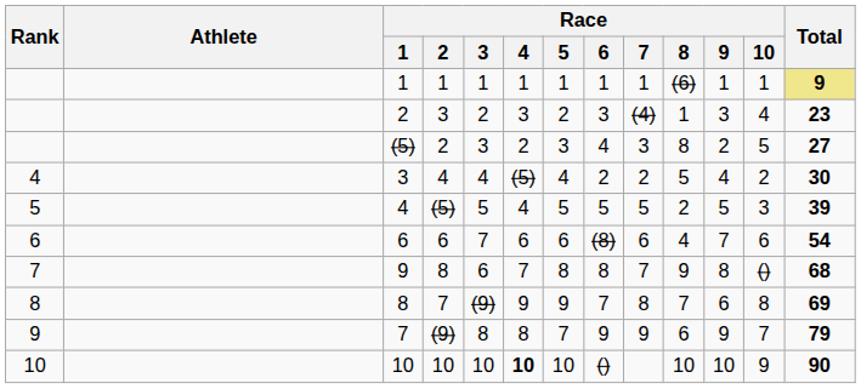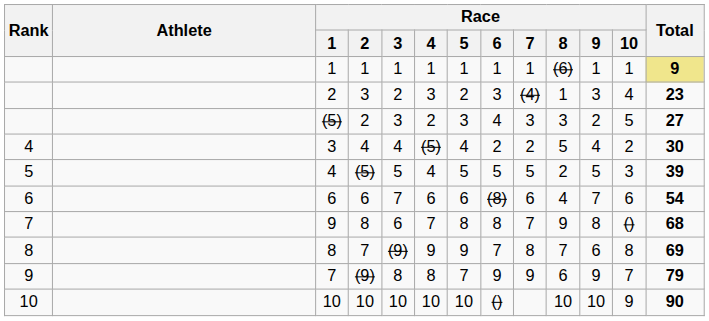 <table class="wikitable" style="text-align:center">
 <tr>
 <th rowspan="2" width=40>Rank</th>
 <th rowspan="2" width=250>Athlete</th>
 <th colspan="10">Race</th>
 <th rowspan="2" width=50>Total</th>
 </tr>
 <tr>
 <th width=25>1</th>
 <th width=25>2</th>
 <th width=25>3</th>
 <th width=25>4</th>
 <th width=25>5</th>
 <th width=25>6</th>
 <th width=25>7</th>
 <th width=25>8</th>
 <th width=25>9</th>
 <th width=25>10</th>
 </tr>
 <tr>
 <td></td>
 <td align=left></td>
 <td>1</td>
 <td>1</td>
 <td>1</td>
 <td>1</td>
 <td>1</td>
 <td>1</td>
 <td>1</td>
 <td><s>(6)</s></td>
 <td>1</td>
 <td>1</td>
 <td style="background: khaki;"><strong>9</strong></td>
 </tr>
 <tr>
 <td></td>
 <td align=left></td>
 <td>2</td>
 <td>3</td>
 <td>2</td>
 <td>3</td>
 <td>2</td>
 <td>3</td>
 <td><s>(4)</s></td>
 <td>1</td>
 <td>3</td>
 <td>4</td>
 <td><strong>23</strong></td>
 </tr>
 <tr>
 <td></td>
 <td align=left></td>
 <td><s>(5)</s></td>
 <td>2</td>
 <td>3</td>
 <td>2</td>
 <td>3</td>
 <td>4</td>
 <td>3</td>
-<td>8</td>
+<td>3</td>
 <td>2</td>
 <td>5</td>
 <td><strong>27</strong></td>
 </tr>
 <tr>
 <td>4</td>
 <td align=left></td>
 <td>3</td>
 <td>4</td>
 <td>4</td>
 <td><s>(5)</s></td>
 <td>4</td>
 <td>2</td>
 <td>2</td>
 <td>5</td>
 <td>4</td>
 <td>2</td>
 <td><strong>30</strong></td>
 </tr>
 <tr>
 <td>5</td>
 <td align=left></td>
 <td>4</td>
 <td><s>(5)</s></td>
 <td>5</td>
 <td>4</td>
 <td>5</td>
 <td>5</td>
 <td>5</td>
 <td>2</td>
 <td>5</td>
 <td>3</td>
 <td><strong>39</strong></td>
 </tr>
 <tr>
 <td>6</td>
 <td align=left></td>
 <td>6</td>
 <td>6</td>
 <td>7</td>
 <td>6</td>
 <td>6</td>
 <td><s>(8)</s></td>
 <td>6</td>
 <td>4</td>
 <td>7</td>
 <td>6</td>
 <td><strong>54</strong></td>
 </tr>
 <tr>
 <td>7</td>
 <td align=left></td>
 <td>9</td>
 <td>8</td>
 <td>6</td>
 <td>7</td>
 <td>8</td>
 <td>8</td>
 <td>7</td>
 <td>9</td>
 <td>8</td>
 <td><s>()</s></td>
 <td><strong>68</strong></td>
 </tr>
 <tr>
 <td>8</td>
 <td align=left></td>
 <td>8</td>
 <td>7</td>
 <td><s>(9)</s></td>
 <td>9</td>
 <td>9</td>
 <td>7</td>
 <td>8</td>
 <td>7</td>
 <td>6</td>
 <td>8</td>
 <td><strong>69</strong></td>
 </tr>
 <tr>
 <td>9</td>
 <td align=left></td>
 <td>7</td>
 <td><s>(9)</s></td>
 <td>8</td>
 <td>8</td>
 <td>7</td>
 <td>9</td>
 <td>9</td>
 <td>6</td>
 <td>9</td>
 <td>7</td>
 <td><strong>79</strong></td>
 </tr>
 <tr>
 <td>10</td>
 <td align=left></td>
 <td>10</td>
 <td>10</td>
 <td>10</td>
-<td><strong>10</strong></td>
+<td>10</td>
 <td>10</td>
 <td><s>()</s></td>
 <td></td>
 <td>10</td>
 <td>10</td>
 <td>9</td>
 <td><strong>90</strong></td>
 </tr>
 </table>
